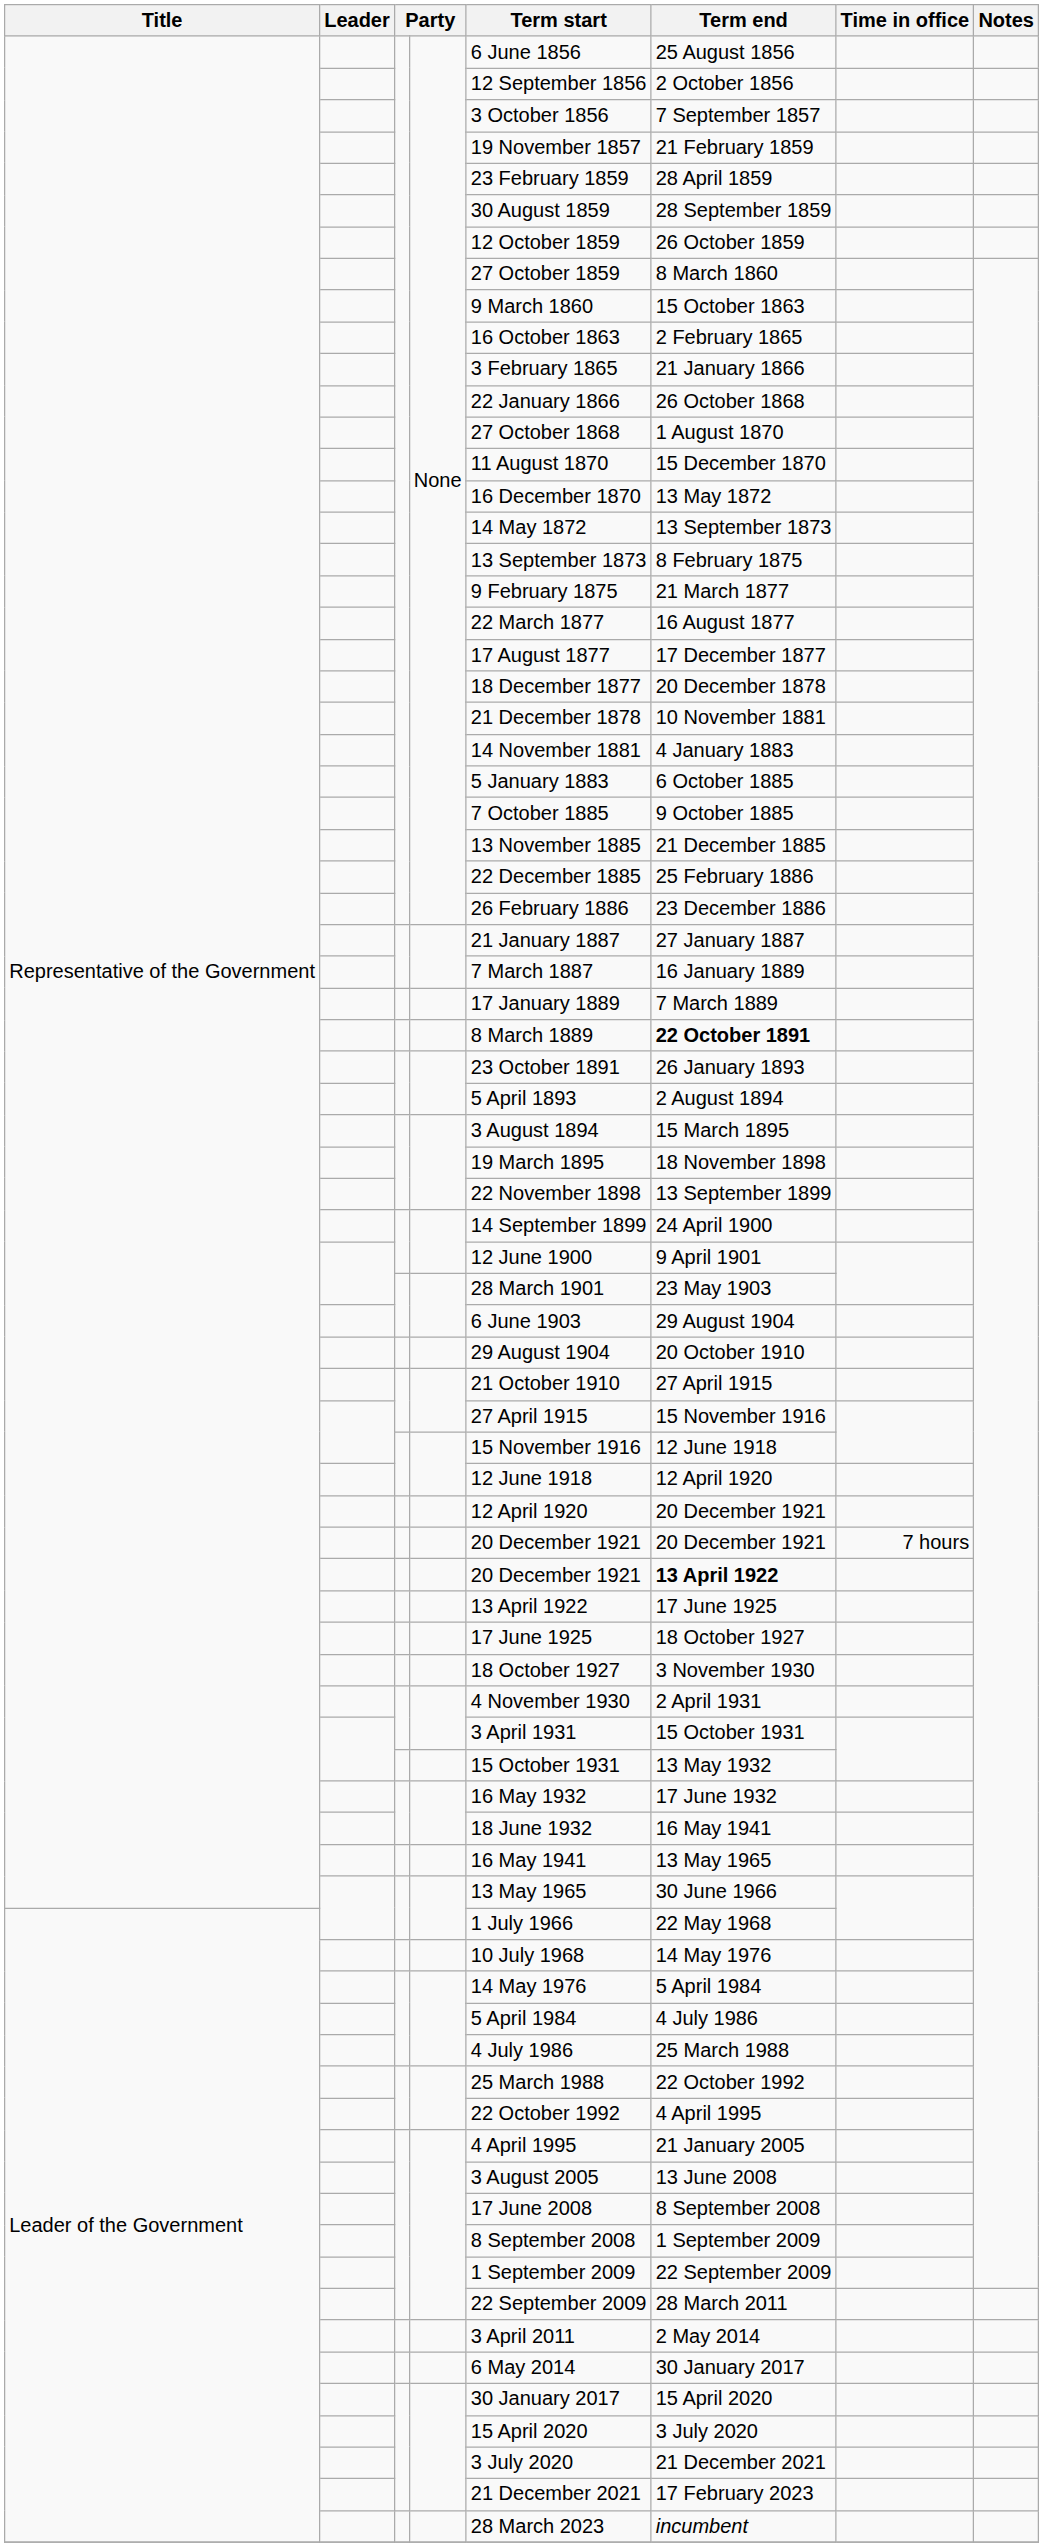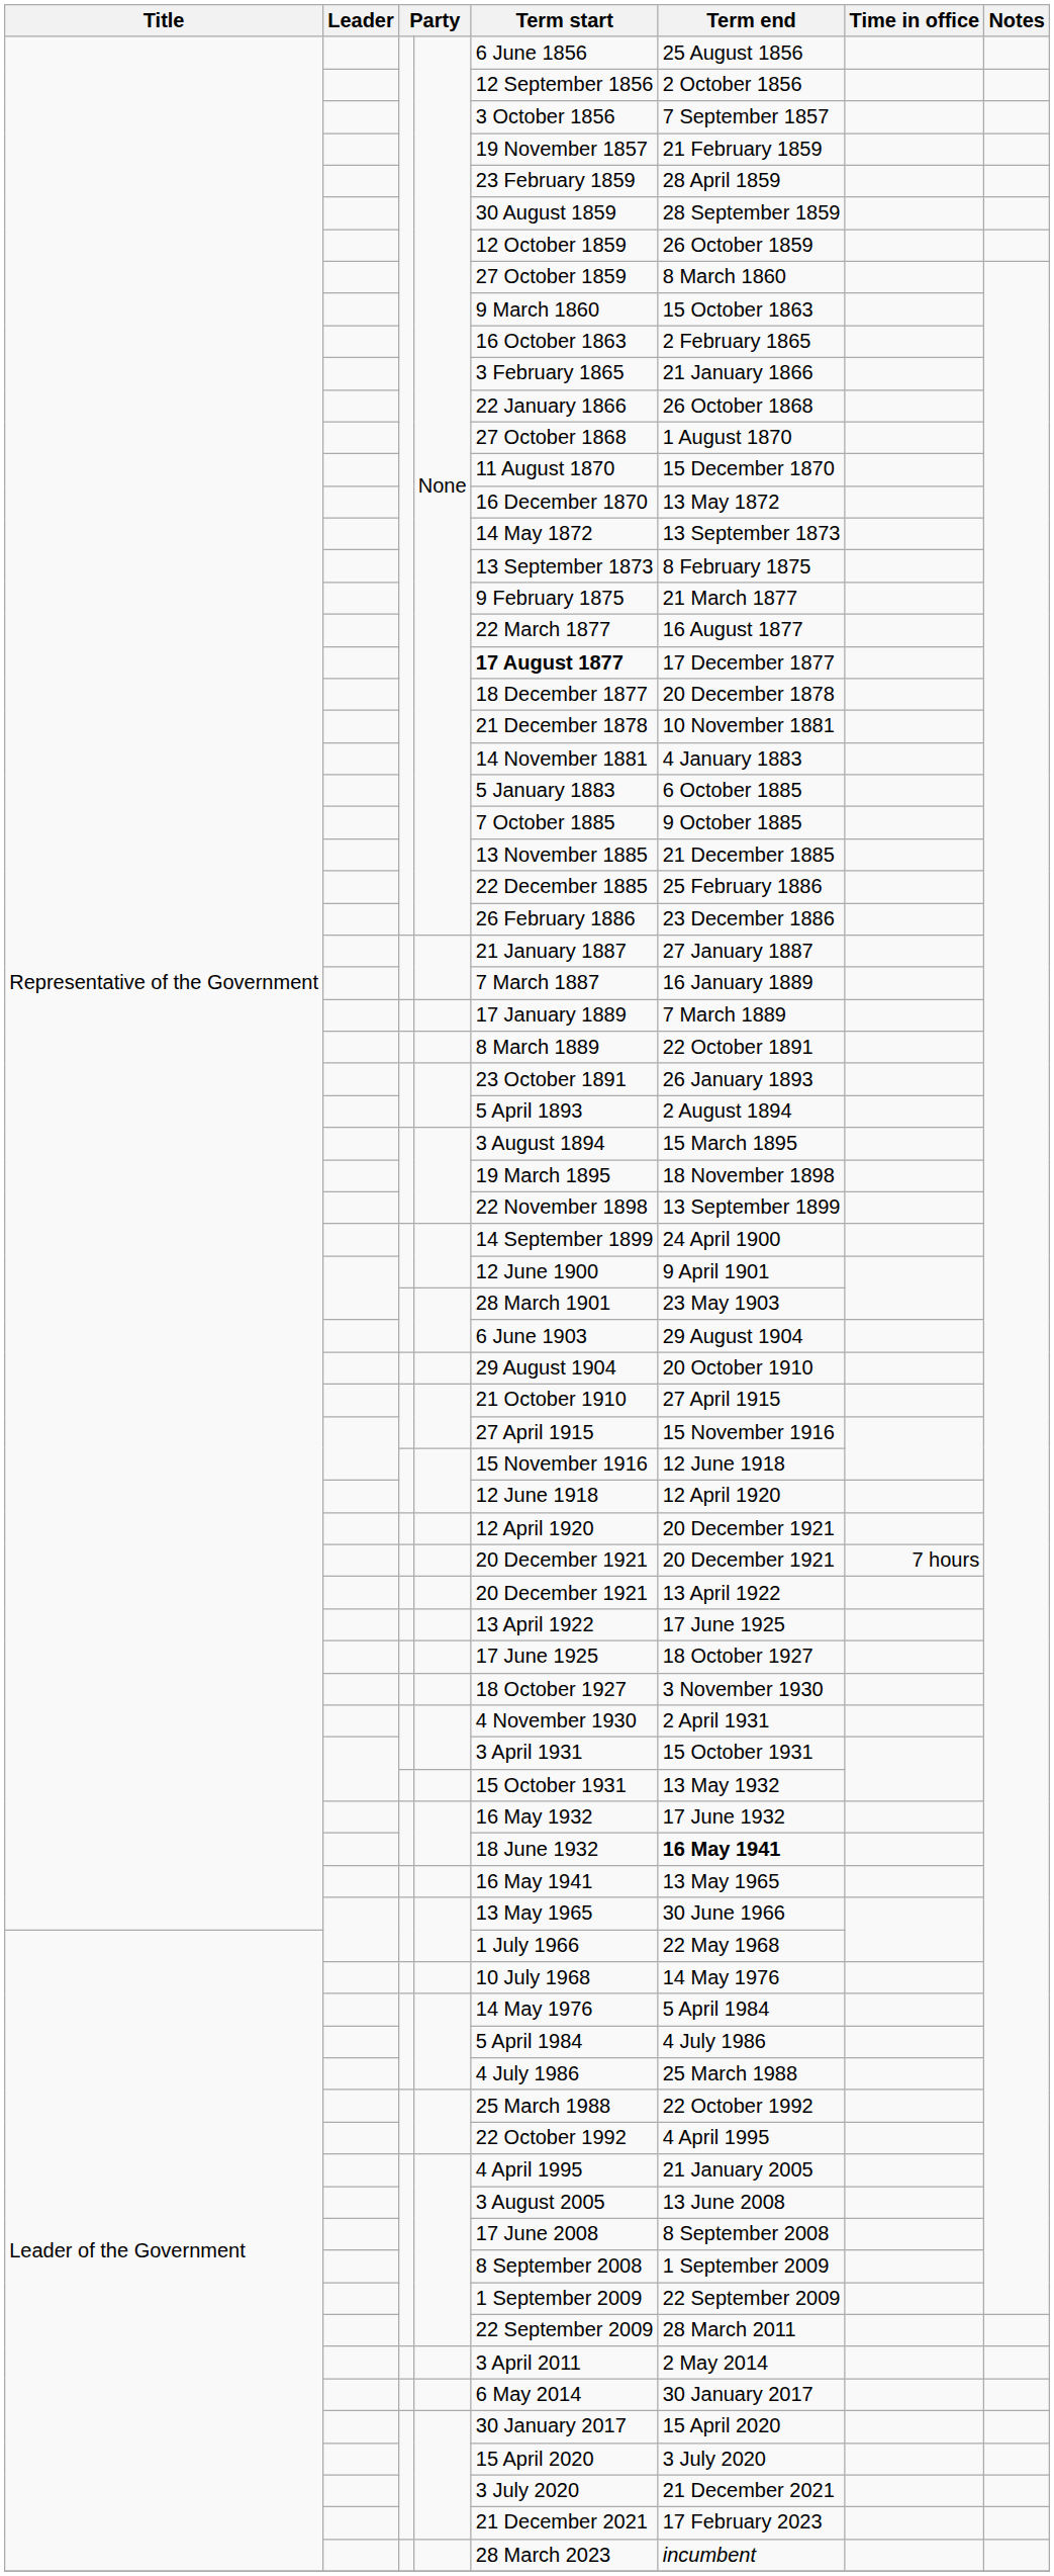 <table class="wikitable sortable">
 <tr>
 <th>Title</th>
 <th>Leader</th>
 <th colspan="2">Party</th>
 <th>Term start</th>
 <th>Term end</th>
 <th>Time in office</th>
 <th class="unsortable">Notes</th>
 </tr>
 <tr>
 <td rowspan="59">Representative of the Government</td>
 <td></td>
 <td rowspan="28"></td>
 <td rowspan="28">None</td>
 <td>6 June 1856</td>
 <td>25 August 1856</td>
 <td align=right></td>
 </tr>
 <tr>
 <td></td>
 <td>12 September 1856</td>
 <td>2 October 1856</td>
 <td align=right></td>
 <td></td>
 </tr>
 <tr>
 <td></td>
 <td>3 October 1856</td>
 <td>7 September 1857</td>
 <td align=right></td>
 </tr>
 <tr>
 <td></td>
 <td>19 November 1857</td>
 <td>21 February 1859</td>
 <td align=right></td>
 <td></td>
 </tr>
 <tr>
 <td></td>
 <td>23 February 1859</td>
 <td>28 April 1859</td>
 <td align=right></td>
 <td></td>
 </tr>
 <tr>
 <td></td>
 <td>30 August 1859</td>
 <td>28 September 1859</td>
 <td align=right></td>
 <td></td>
 </tr>
 <tr>
 <td></td>
 <td>12 October 1859</td>
 <td>26 October 1859</td>
 <td align=right></td>
 <td></td>
 </tr>
 <tr>
 <td></td>
 <td>27 October 1859</td>
 <td>8 March 1860</td>
 <td align=right></td>
 </tr>
 <tr>
 <td></td>
 <td>9 March 1860</td>
 <td>15 October 1863</td>
 <td align=right></td>
 </tr>
 <tr>
 <td></td>
 <td>16 October 1863</td>
 <td>2 February 1865</td>
 <td align=right></td>
 </tr>
 <tr>
 <td></td>
 <td>3 February 1865</td>
 <td>21 January 1866</td>
 <td align=right></td>
 </tr>
 <tr>
 <td></td>
 <td>22 January 1866</td>
 <td>26 October 1868</td>
 <td align=right></td>
 </tr>
 <tr>
 <td></td>
 <td>27 October 1868</td>
 <td>1 August 1870</td>
 <td align=right></td>
 </tr>
 <tr>
 <td></td>
 <td>11 August 1870</td>
 <td>15 December 1870</td>
 <td align=right></td>
 </tr>
 <tr>
 <td></td>
 <td>16 December 1870</td>
 <td>13 May 1872</td>
 <td align=right></td>
 </tr>
 <tr>
 <td></td>
 <td>14 May 1872</td>
 <td>13 September 1873</td>
 <td align=right></td>
 </tr>
 <tr>
 <td></td>
 <td>13 September 1873</td>
 <td>8 February 1875</td>
 <td align=right></td>
 </tr>
 <tr>
 <td></td>
 <td>9 February 1875</td>
 <td>21 March 1877</td>
 <td align=right></td>
 </tr>
 <tr>
 <td></td>
 <td>22 March 1877</td>
 <td>16 August 1877</td>
 <td align=right></td>
 </tr>
 <tr>
 <td></td>
-<td>17 August 1877</td>
+<td><strong>17 August 1877</strong></td>
 <td>17 December 1877</td>
 <td align=right></td>
 </tr>
 <tr>
 <td></td>
 <td>18 December 1877</td>
 <td>20 December 1878</td>
 <td align=right></td>
 </tr>
 <tr>
 <td></td>
 <td>21 December 1878</td>
 <td>10 November 1881</td>
 <td align=right></td>
 </tr>
 <tr>
 <td></td>
 <td>14 November 1881</td>
 <td>4 January 1883</td>
 <td align=right></td>
 </tr>
 <tr>
 <td></td>
 <td>5 January 1883</td>
 <td>6 October 1885</td>
 <td align=right></td>
 </tr>
 <tr>
 <td></td>
 <td>7 October 1885</td>
 <td>9 October 1885</td>
 <td align=right></td>
 </tr>
 <tr>
 <td></td>
 <td>13 November 1885</td>
 <td>21 December 1885</td>
 <td align=right></td>
 </tr>
 <tr>
 <td></td>
 <td>22 December 1885</td>
 <td>25 February 1886</td>
 <td align=right></td>
 </tr>
 <tr>
 <td></td>
 <td>26 February 1886</td>
 <td>23 December 1886</td>
 <td align=right></td>
 </tr>
 <tr>
 <td></td>
 <td rowspan="2" > </td>
 <td rowspan="2"></td>
 <td>21 January 1887</td>
 <td>27 January 1887</td>
 <td align=right></td>
 </tr>
 <tr>
 <td></td>
 <td>7 March 1887</td>
 <td>16 January 1889</td>
 <td align=right></td>
 </tr>
 <tr>
 <td></td>
 <td> </td>
 <td></td>
 <td>17 January 1889</td>
 <td>7 March 1889</td>
 <td align=right></td>
 </tr>
 <tr>
 <td></td>
 <td> </td>
 <td></td>
 <td>8 March 1889</td>
-<td><strong>22 October 1891</strong></td>
+<td>22 October 1891</td>
 <td align=right></td>
 </tr>
 <tr>
 <td></td>
 <td rowspan="2" > </td>
 <td rowspan="2"></td>
 <td>23 October 1891</td>
 <td>26 January 1893</td>
 <td align=right></td>
 </tr>
 <tr>
 <td></td>
 <td>5 April 1893</td>
 <td>2 August 1894</td>
 <td align=right></td>
 </tr>
 <tr>
 <td></td>
 <td rowspan="3" > </td>
 <td rowspan="3"></td>
 <td>3 August 1894</td>
 <td>15 March 1895</td>
 <td align=right></td>
 </tr>
 <tr>
 <td></td>
 <td>19 March 1895</td>
 <td>18 November 1898</td>
 <td align=right></td>
 </tr>
 <tr>
 <td></td>
 <td>22 November 1898</td>
 <td>13 September 1899</td>
 <td align=right></td>
 </tr>
 <tr>
 <td></td>
 <td rowspan="2" > </td>
 <td rowspan="2"></td>
 <td>14 September 1899</td>
 <td>24 April 1900</td>
 <td align=right></td>
 </tr>
 <tr>
 <td rowspan="2"></td>
 <td>12 June 1900</td>
 <td>9 April 1901</td>
 <td rowspan=2 align=right></td>
 </tr>
 <tr>
 <td rowspan="2" > </td>
 <td rowspan="2"></td>
 <td>28 March 1901</td>
 <td>23 May 1903</td>
 </tr>
 <tr>
 <td></td>
 <td>6 June 1903</td>
 <td>29 August 1904</td>
 <td align=right></td>
 </tr>
 <tr>
 <td></td>
 <td> </td>
 <td></td>
 <td>29 August 1904</td>
 <td>20 October 1910</td>
 <td align=right></td>
 </tr>
 <tr>
 <td></td>
 <td rowspan="2" > </td>
 <td rowspan="2"></td>
 <td>21 October 1910</td>
 <td>27 April 1915</td>
 <td align=right></td>
 </tr>
 <tr>
 <td rowspan="2"></td>
 <td>27 April 1915</td>
 <td>15 November 1916</td>
 <td rowspan=2 align=right></td>
 </tr>
 <tr>
 <td rowspan="2" > </td>
 <td rowspan="2"></td>
 <td>15 November 1916</td>
 <td>12 June 1918</td>
 </tr>
 <tr>
 <td></td>
 <td>12 June 1918</td>
 <td>12 April 1920</td>
 <td></td>
 </tr>
 <tr>
 <td></td>
 <td> </td>
 <td></td>
 <td>12 April 1920</td>
 <td>20 December 1921</td>
 <td align=right></td>
 </tr>
 <tr>
 <td></td>
 <td> </td>
 <td></td>
 <td>20 December 1921</td>
 <td>20 December 1921</td>
 <td align=right> 7 hours</td>
 </tr>
 <tr>
 <td></td>
 <td> </td>
 <td></td>
 <td>20 December 1921</td>
-<td><strong>13 April 1922</strong></td>
+<td>13 April 1922</td>
 <td align=right></td>
 </tr>
 <tr>
 <td></td>
 <td> </td>
 <td></td>
 <td>13 April 1922</td>
 <td>17 June 1925</td>
 <td align=right></td>
 </tr>
 <tr>
 <td></td>
 <td> </td>
 <td></td>
 <td>17 June 1925</td>
 <td>18 October 1927</td>
 <td align=right></td>
 </tr>
 <tr>
 <td></td>
 <td> </td>
 <td></td>
 <td>18 October 1927</td>
 <td>3 November 1930</td>
 <td align=right></td>
 </tr>
 <tr>
 <td></td>
 <td rowspan="2" > </td>
 <td rowspan="2"></td>
 <td>4 November 1930</td>
 <td>2 April 1931</td>
 <td align=right></td>
 </tr>
 <tr>
 <td rowspan="2"></td>
 <td>3 April 1931</td>
 <td>15 October 1931</td>
 <td rowspan=2 align=right></td>
 </tr>
 <tr>
 <td> </td>
 <td></td>
 <td>15 October 1931</td>
 <td>13 May 1932</td>
 </tr>
 <tr>
 <td></td>
 <td rowspan="2" > </td>
 <td rowspan="2"></td>
 <td>16 May 1932</td>
 <td>17 June 1932</td>
 <td align=right></td>
 </tr>
 <tr>
 <td></td>
 <td>18 June 1932</td>
-<td>16 May 1941</td>
+<td><strong>16 May 1941</strong></td>
 <td align=right></td>
 </tr>
 <tr>
 <td></td>
 <td> </td>
 <td></td>
 <td>16 May 1941</td>
 <td>13 May 1965</td>
 <td align=right><strong></strong></td>
 </tr>
 <tr>
 <td rowspan="2"></td>
 <td rowspan="2" > </td>
 <td rowspan="2"></td>
 <td>13 May 1965</td>
 <td>30 June 1966</td>
 <td rowspan="2" align=right></td>
 </tr>
 <tr>
 <td rowspan="20">Leader of the Government</td>
 <td>1 July 1966</td>
 <td>22 May 1968</td>
 </tr>
 <tr>
 <td></td>
 <td> </td>
 <td></td>
 <td>10 July 1968</td>
 <td>14 May 1976</td>
 <td align=right></td>
 </tr>
 <tr>
 <td></td>
 <td rowspan="3" > </td>
 <td rowspan="3"></td>
 <td>14 May 1976</td>
 <td>5 April 1984</td>
 <td align=right></td>
 </tr>
 <tr>
 <td></td>
 <td>5 April 1984</td>
 <td>4 July 1986</td>
 <td align=right></td>
 </tr>
 <tr>
 <td></td>
 <td>4 July 1986</td>
 <td>25 March 1988</td>
 <td align=right></td>
 </tr>
 <tr>
 <td></td>
 <td rowspan="2" > </td>
 <td rowspan="2"></td>
 <td>25 March 1988</td>
 <td>22 October 1992</td>
 <td align=right></td>
 </tr>
 <tr>
 <td></td>
 <td>22 October 1992</td>
 <td>4 April 1995</td>
 <td align=right></td>
 </tr>
 <tr>
 <td></td>
 <td rowspan="6" > </td>
 <td rowspan="6"></td>
 <td>4 April 1995</td>
 <td>21 January 2005</td>
 <td align=right></td>
 </tr>
 <tr>
 <td></td>
 <td>3 August 2005</td>
 <td>13 June 2008</td>
 <td align=right></td>
 </tr>
 <tr>
 <td> </td>
 <td>17 June 2008</td>
 <td>8 September 2008</td>
 <td align=right></td>
 </tr>
 <tr>
 <td></td>
 <td>8 September 2008</td>
 <td>1 September 2009</td>
 <td align=right></td>
 </tr>
 <tr>
 <td> </td>
 <td>1 September 2009</td>
 <td>22 September 2009</td>
 <td align=right></td>
 </tr>
 <tr>
 <td></td>
 <td>22 September 2009</td>
 <td>28 March 2011</td>
 <td align=right></td>
 <td></td>
 </tr>
 <tr>
 <td></td>
 <td> </td>
 <td></td>
 <td>3 April 2011</td>
 <td>2 May 2014</td>
 <td align=right></td>
 <td></td>
 </tr>
 <tr>
 <td></td>
 <td> </td>
 <td></td>
 <td>6 May 2014</td>
 <td>30 January 2017</td>
 <td align=right></td>
 <td></td>
 </tr>
 <tr>
 <td></td>
 <td rowspan="4" > </td>
 <td rowspan="4"></td>
 <td>30 January 2017</td>
 <td>15 April 2020</td>
 <td align=right></td>
 <td></td>
 </tr>
 <tr>
 <td></td>
 <td>15 April 2020</td>
 <td>3 July 2020</td>
 <td align=right></td>
 <td></td>
 </tr>
 <tr>
 <td></td>
 <td>3 July 2020</td>
 <td>21 December 2021</td>
 <td align=right></td>
 <td></td>
 </tr>
 <tr>
 <td></td>
 <td>21 December 2021</td>
 <td>17 February 2023</td>
 <td align=right></td>
 <td></td>
 </tr>
 <tr>
 <td></td>
 <td> </td>
 <td></td>
 <td>28 March 2023</td>
 <td><em>incumbent</em></td>
 <td align=right></td>
 <td></td>
 </tr>
 <tr>
 </tr>
 </table>
